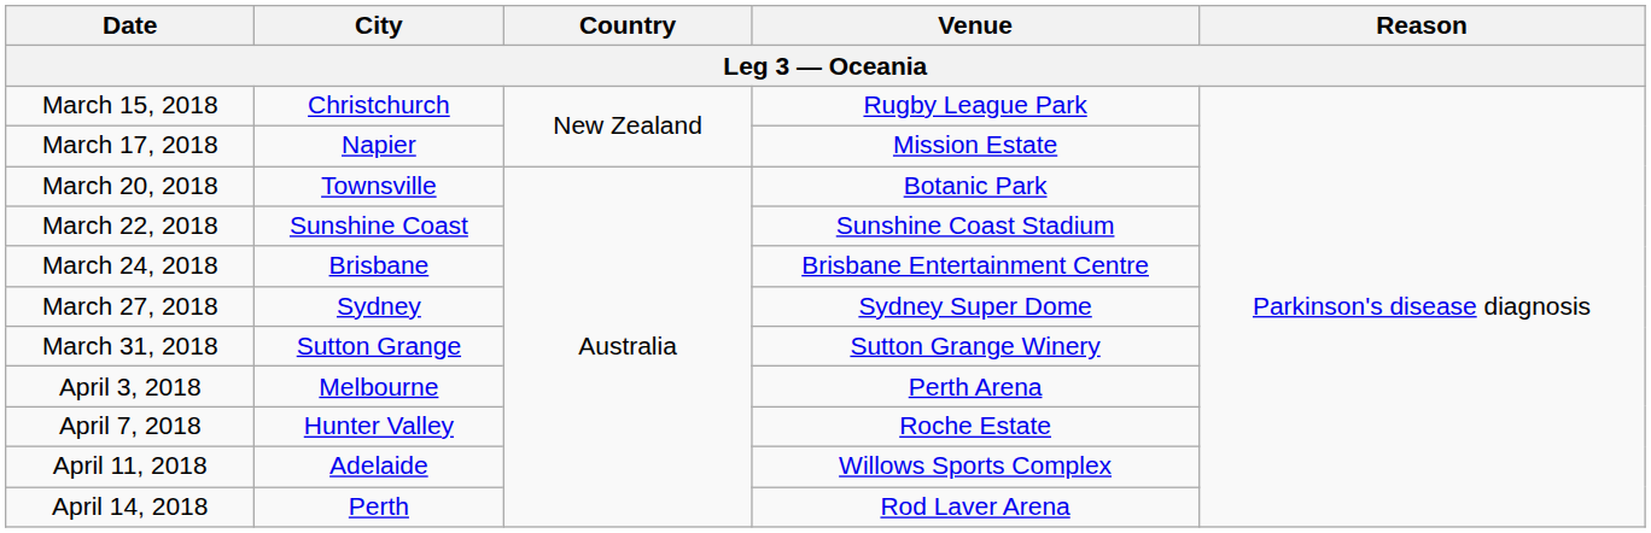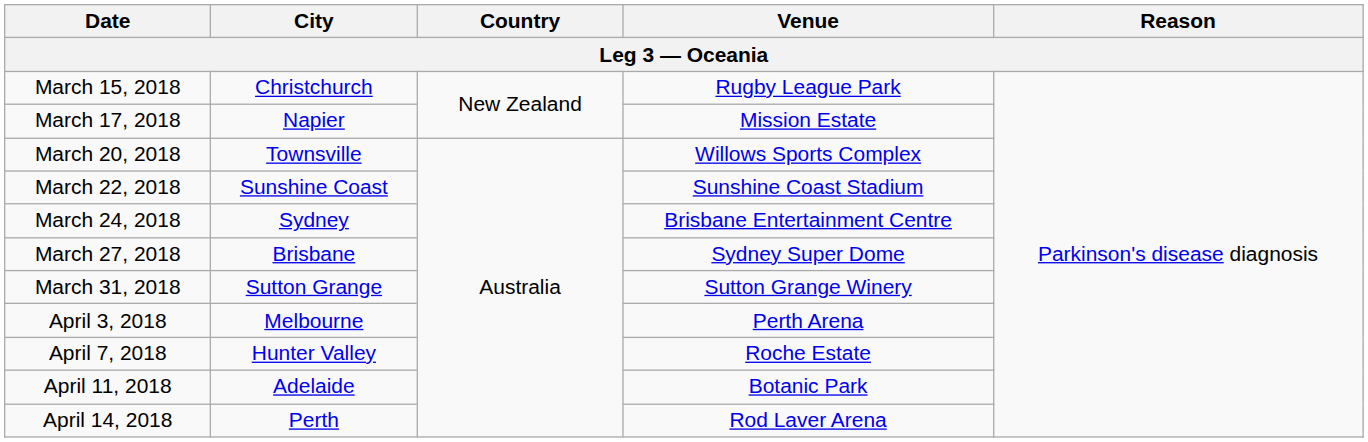 <table class="wikitable" style="text-align:center;">
 <tr>
 <th width="150">Date</th>
 <th width="150">City</th>
 <th width="150">Country</th>
 <th width="275">Venue</th>
 <th width="275">Reason</th>
 </tr>
 <tr>
 <th colspan="6">Leg 3 — Oceania</th>
 </tr>
 <tr>
 <td>March 15, 2018</td>
 <td><a href='#'>Christchurch</a></td>
 <td rowspan="2">New Zealand</td>
 <td><a href='#'>Rugby League Park</a></td>
 <td rowspan="11"><a href='#'>Parkinson's disease</a> diagnosis</td>
 </tr>
 <tr>
 <td>March 17, 2018</td>
 <td><a href='#'>Napier</a></td>
 <td><a href='#'>Mission Estate</a></td>
 </tr>
 <tr>
 <td>March 20, 2018</td>
 <td><a href='#'>Townsville</a></td>
 <td rowspan="9">Australia</td>
-<td><a href='#'>Botanic Park</a></td>
+<td><a href='#'>Willows Sports Complex</a></td>
 </tr>
 <tr>
 <td>March 22, 2018</td>
 <td><a href='#'>Sunshine Coast</a></td>
 <td><a href='#'>Sunshine Coast Stadium</a></td>
 </tr>
 <tr>
 <td>March 24, 2018</td>
-<td><a href='#'>Brisbane</a></td>
+<td><a href='#'>Sydney</a></td>
 <td><a href='#'>Brisbane Entertainment Centre</a></td>
 </tr>
 <tr>
 <td>March 27, 2018</td>
-<td><a href='#'>Sydney</a></td>
+<td><a href='#'>Brisbane</a></td>
 <td><a href='#'>Sydney Super Dome</a></td>
 </tr>
 <tr>
 <td>March 31, 2018</td>
 <td><a href='#'>Sutton Grange</a></td>
 <td><a href='#'>Sutton Grange Winery</a></td>
 </tr>
 <tr>
 <td>April 3, 2018</td>
 <td><a href='#'>Melbourne</a></td>
 <td><a href='#'>Perth Arena</a></td>
 </tr>
 <tr>
 <td>April 7, 2018</td>
 <td><a href='#'>Hunter Valley</a></td>
 <td><a href='#'>Roche Estate</a></td>
 </tr>
 <tr>
 <td>April 11, 2018</td>
 <td><a href='#'>Adelaide</a></td>
-<td><a href='#'>Willows Sports Complex</a></td>
+<td><a href='#'>Botanic Park</a></td>
 </tr>
 <tr>
 <td>April 14, 2018</td>
 <td><a href='#'>Perth</a></td>
 <td><a href='#'>Rod Laver Arena</a></td>
 </tr>
 </table>
